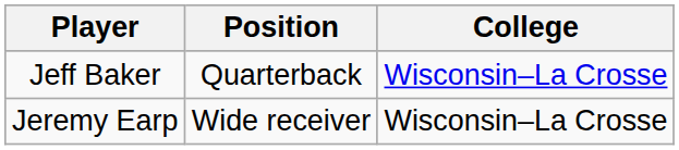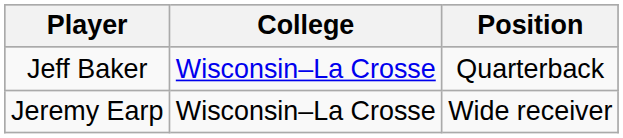 <table class="wikitable" style="text-align:center;">
 <tr>
 <th>Player</th>
+<th>College</th>
 <th>Position</th>
-<th>College</th>
 </tr>
 <tr>
 <td>Jeff Baker</td>
+<td><a href='#'>Wisconsin–La Crosse</a></td>
 <td>Quarterback</td>
-<td><a href='#'>Wisconsin–La Crosse</a></td>
 </tr>
 <tr>
 <td>Jeremy Earp</td>
+<td>Wisconsin–La Crosse</td>
 <td>Wide receiver</td>
-<td>Wisconsin–La Crosse</td>
 </tr>
 </table>
